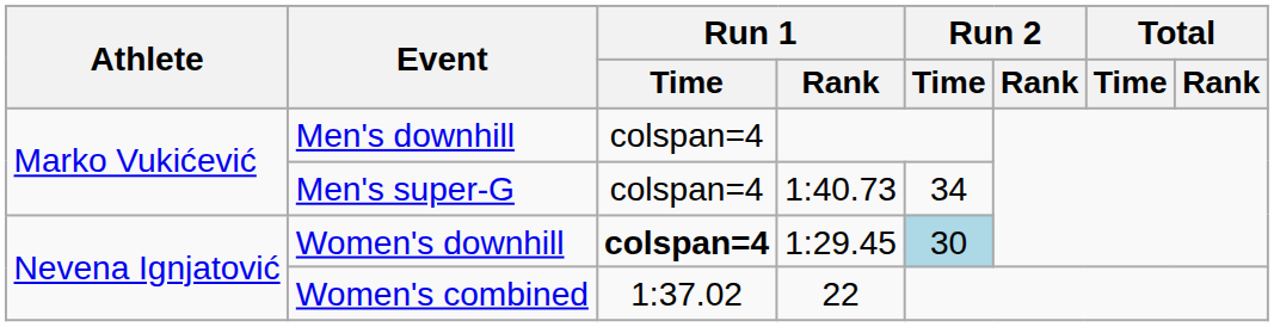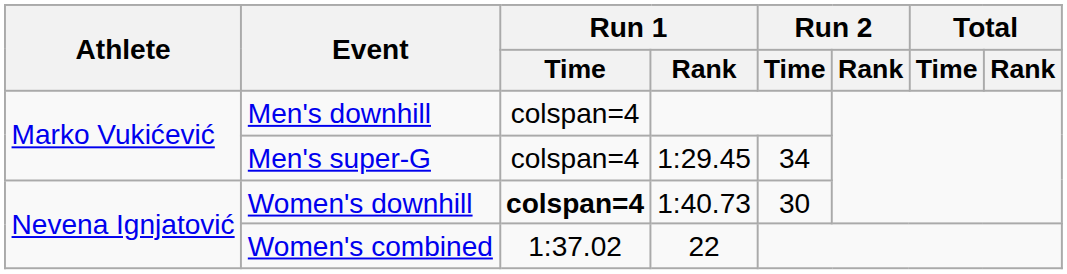 <table class="wikitable" style="font-size:90%">
 <tr>
 <th rowspan=2>Athlete</th>
 <th rowspan=2>Event</th>
 <th colspan=2>Run 1</th>
 <th colspan=2>Run 2</th>
 <th colspan=2>Total</th>
 </tr>
 <tr style="font-size:95%">
 <th>Time</th>
 <th>Rank</th>
 <th>Time</th>
 <th>Rank</th>
 <th>Time</th>
 <th>Rank</th>
 </tr>
 <tr align=center>
 <td align=left rowspan=2><a href='#'>Marko Vukićević</a></td>
 <td align=left><a href='#'>Men's downhill</a></td>
 <td>colspan=4 </td>
 <td colspan=2></td>
 </tr>
 <tr align=center>
 <td align=left><a href='#'>Men's super-G</a></td>
 <td>colspan=4 </td>
-<td>1:40.73</td>
+<td>1:29.45</td>
 <td>34</td>
 </tr>
 <tr align=center>
 <td style="text-align:left;" rowspan="2"><a href='#'>Nevena Ignjatović</a></td>
 <td align=left><a href='#'>Women's downhill</a></td>
 <td><strong>colspan=4 </strong></td>
-<td>1:29.45</td>
-<td style="background: lightblue;">30</td>
+<td>1:40.73</td>
+<td>30</td>
 </tr>
 <tr align=center>
 <td align=left><a href='#'>Women's combined</a></td>
 <td>1:37.02</td>
 <td>22</td>
 <td colspan=4></td>
 </tr>
 </table>
